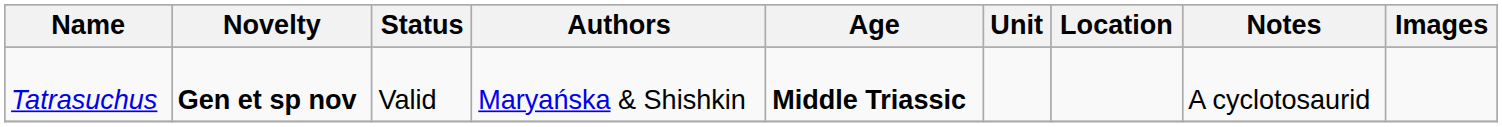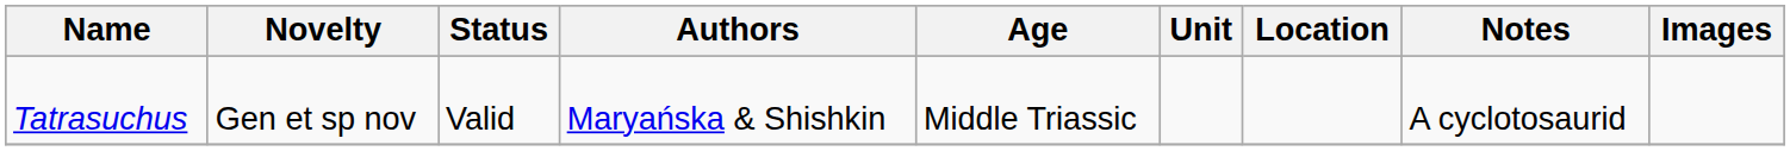 <table class="wikitable sortable" align="center" width="100%">
 <tr>
 <th>Name</th>
 <th>Novelty</th>
 <th>Status</th>
 <th>Authors</th>
 <th>Age</th>
 <th>Unit</th>
 <th>Location</th>
 <th>Notes</th>
 <th>Images</th>
 </tr>
 <tr>
 <td><br><em><a href='#'>Tatrasuchus</a></em></td>
-<td><strong><br>Gen et sp nov</strong></td>
+<td><br>Gen et sp nov</td>
 <td><br>Valid</td>
 <td><br><a href='#'>Maryańska</a> & Shishkin</td>
-<td><strong><br>Middle Triassic</strong></td>
+<td><br>Middle Triassic</td>
 <td></td>
 <td><br></td>
 <td><br>A cyclotosaurid</td>
 <td></td>
 </tr>
 <tr>
 </tr>
 </table>
